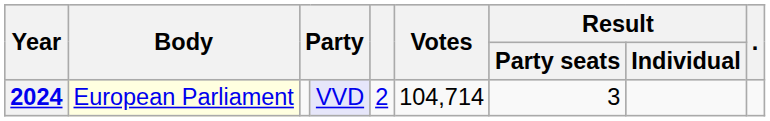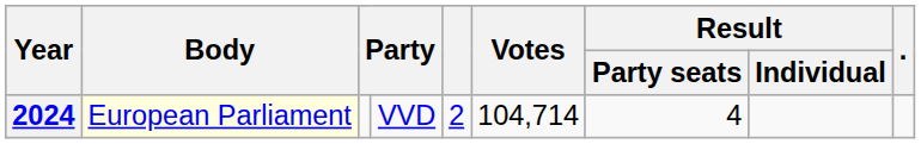 <table class="wikitable plainrowheaders sortable" border=2 cellpadding=4 cellspacing=0 style="border: 1px #aaa solid; font-size: 90%; text-align:center;">
 <tr>
 <th scope="col" rowspan=2>Year</th>
 <th scope="col" rowspan=2>Body</th>
 <th scope="col" colspan=2 rowspan=2>Party</th>
 <th scope="col" rowspan=2></th>
 <th scope="col" rowspan=2>Votes</th>
 <th scope="colgroup" colspan=2>Result</th>
 <th scope="col" rowspan=2>.</th>
 </tr>
 <tr>
 <th scope="col">Party seats</th>
 <th scope="col">Individual</th>
 </tr>
 <tr>
 <th scope="row"><a href='#'>2024</a></th>
 <td style="background: lightyellow;"><a href='#'>European Parliament</a></td>
 <td style="background-color:"></td>
-<td style="background: lavender;"><a href='#'>VVD</a></td>
+<td><a href='#'>VVD</a></td>
 <td style=text-align:right><a href='#'>2</a></td>
 <td style=text-align:right>104,714</td>
-<td style=text-align:right>3</td>
+<td style=text-align:right>4</td>
 <td></td>
 <td></td>
 </tr>
 </table>
